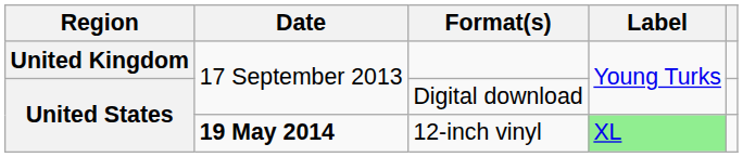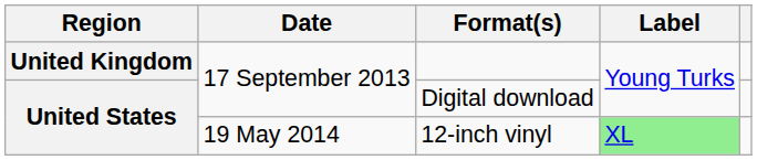 <table class="wikitable plainrowheaders">
 <tr>
 <th scope="col">Region</th>
 <th scope="col">Date</th>
 <th scope="col">Format(s)</th>
 <th scope="col">Label</th>
 <th scope="col"></th>
 </tr>
 <tr>
 <th scope="row">United Kingdom</th>
 <td rowspan="2">17 September 2013</td>
 <td></td>
 <td rowspan="2"><a href='#'>Young Turks</a></td>
 <td align="center"></td>
 </tr>
 <tr>
 <th scope="row" rowspan="2">United States</th>
 <td>Digital download</td>
 <td align="center"></td>
 </tr>
 <tr>
-<td><strong>19 May 2014</strong></td>
+<td>19 May 2014</td>
 <td>12-inch vinyl</td>
 <td style="background: lightgreen;"><a href='#'>XL</a></td>
 <td align="center"></td>
 </tr>
 </table>
